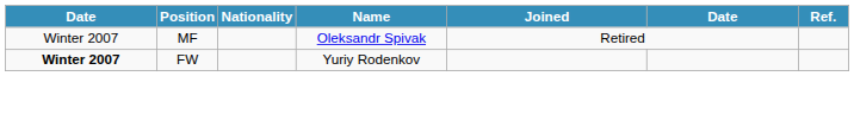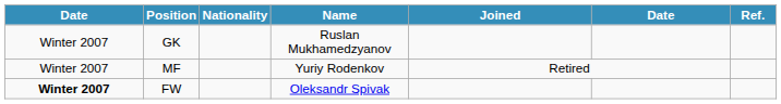 <table class="wikitable"  style="text-align:center; font-size:90%; ">
 <tr>
 <th style="background:#348EB9; color:white; width:150px;">Date</th>
 <th style="background:#348EB9; color:white; width:55px;">Position</th>
 <th style="background:#348EB9; color:white; width:55px;">Nationality</th>
 <th style="background:#348EB9; color:white; width:150px;">Name</th>
 <th style="background:#348EB9; color:white; width:200px;">Joined</th>
 <th style="background:#348EB9; color:white; width:150px;">Date</th>
 <th style="background:#348EB9; color:white; width:45px;">Ref.</th>
 </tr>
 <tr>
 <td>Winter 2007</td>
+<td>GK</td>
+<td></td>
+<td>Ruslan Mukhamedzyanov</td>
+<td></td>
+<td></td>
+<td></td>
+</tr>
+<tr>
+<td>Winter 2007</td>
 <td>MF</td>
 <td></td>
-<td><a href='#'>Oleksandr Spivak</a></td>
+<td>Yuriy Rodenkov</td>
 <td colspan="2">Retired</td>
 <td></td>
 </tr>
 <tr>
 <td><strong>Winter 2007</strong></td>
 <td>FW</td>
 <td></td>
-<td>Yuriy Rodenkov</td>
+<td><a href='#'>Oleksandr Spivak</a></td>
 <td></td>
 <td></td>
 <td></td>
 </tr>
 </table>
